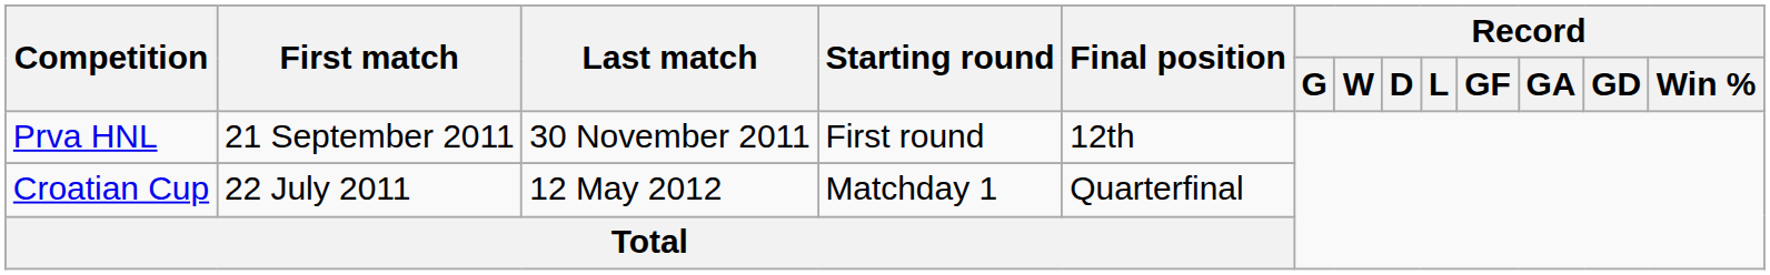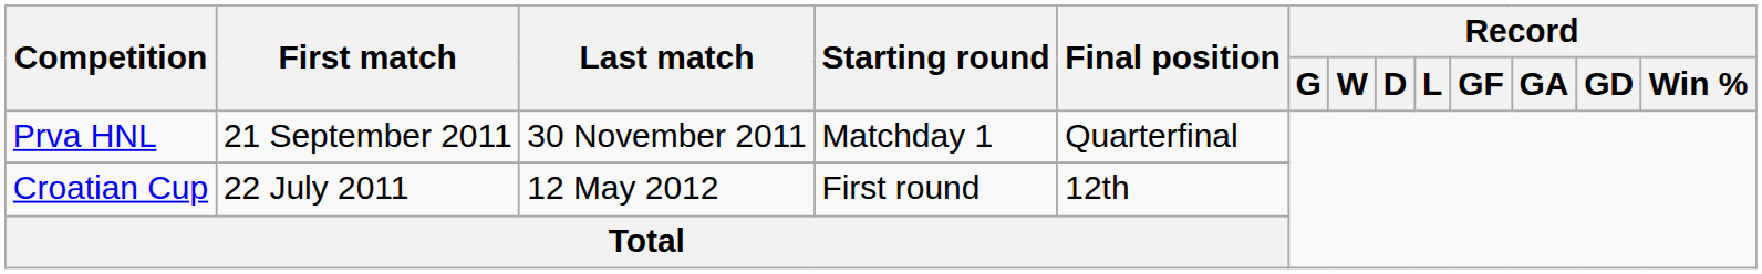 <table class="wikitable" style="text-align: center">
 <tr>
 <th rowspan="2">Competition</th>
 <th rowspan="2">First match</th>
 <th rowspan="2">Last match</th>
 <th rowspan="2">Starting round</th>
 <th rowspan="2">Final position</th>
 <th colspan="8">Record</th>
 </tr>
 <tr>
 <th>G</th>
 <th>W</th>
 <th>D</th>
 <th>L</th>
 <th>GF</th>
 <th>GA</th>
 <th>GD</th>
 <th>Win %</th>
 </tr>
 <tr>
 <td align=left><a href='#'>Prva HNL</a></td>
 <td align=left>21 September 2011</td>
 <td align=left>30 November 2011</td>
-<td align=left>First round</td>
-<td align=left>12th<br></td>
+<td align=left>Matchday 1</td>
+<td align=left>Quarterfinal<br></td>
 </tr>
 <tr>
 <td align=left><a href='#'>Croatian Cup</a></td>
 <td align=left>22 July 2011</td>
 <td align=left>12 May 2012</td>
-<td align=left>Matchday 1</td>
-<td align=left>Quarterfinal<br></td>
+<td align=left>First round</td>
+<td align=left>12th<br></td>
 </tr>
 <tr>
 <th colspan="5">Total<br></th>
 </tr>
 </table>
